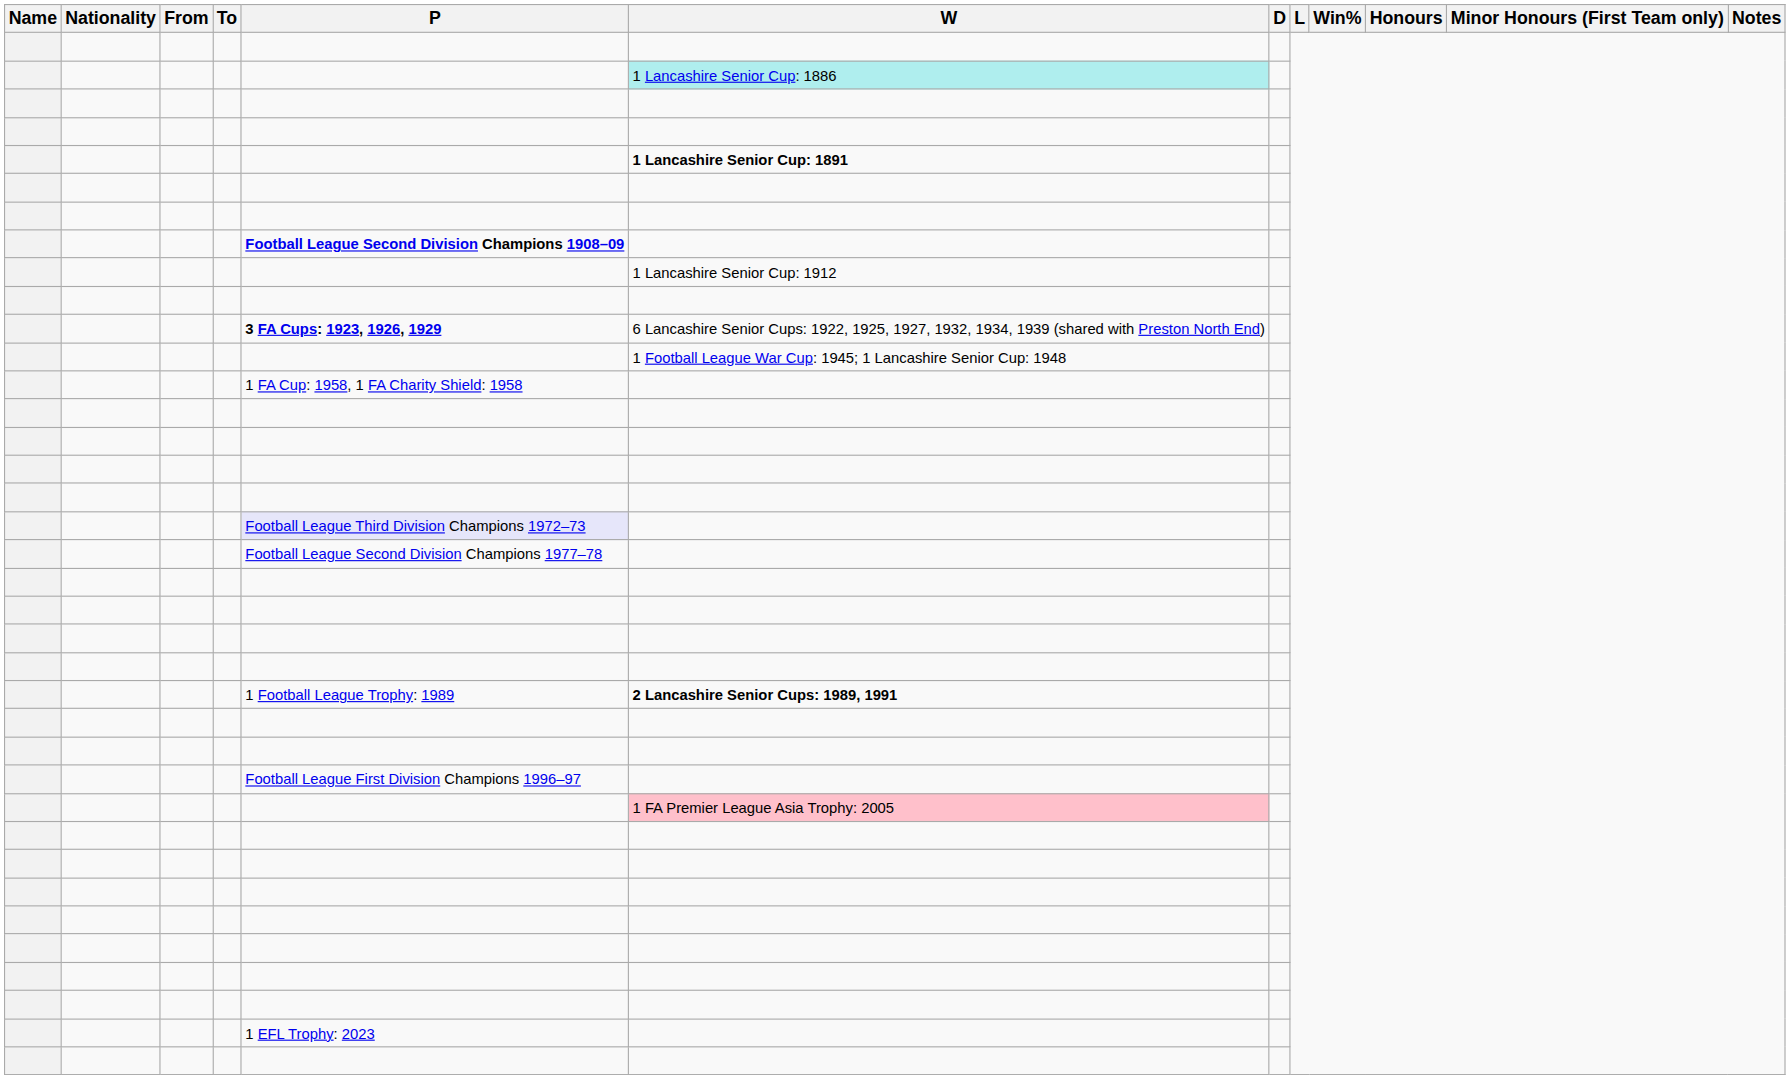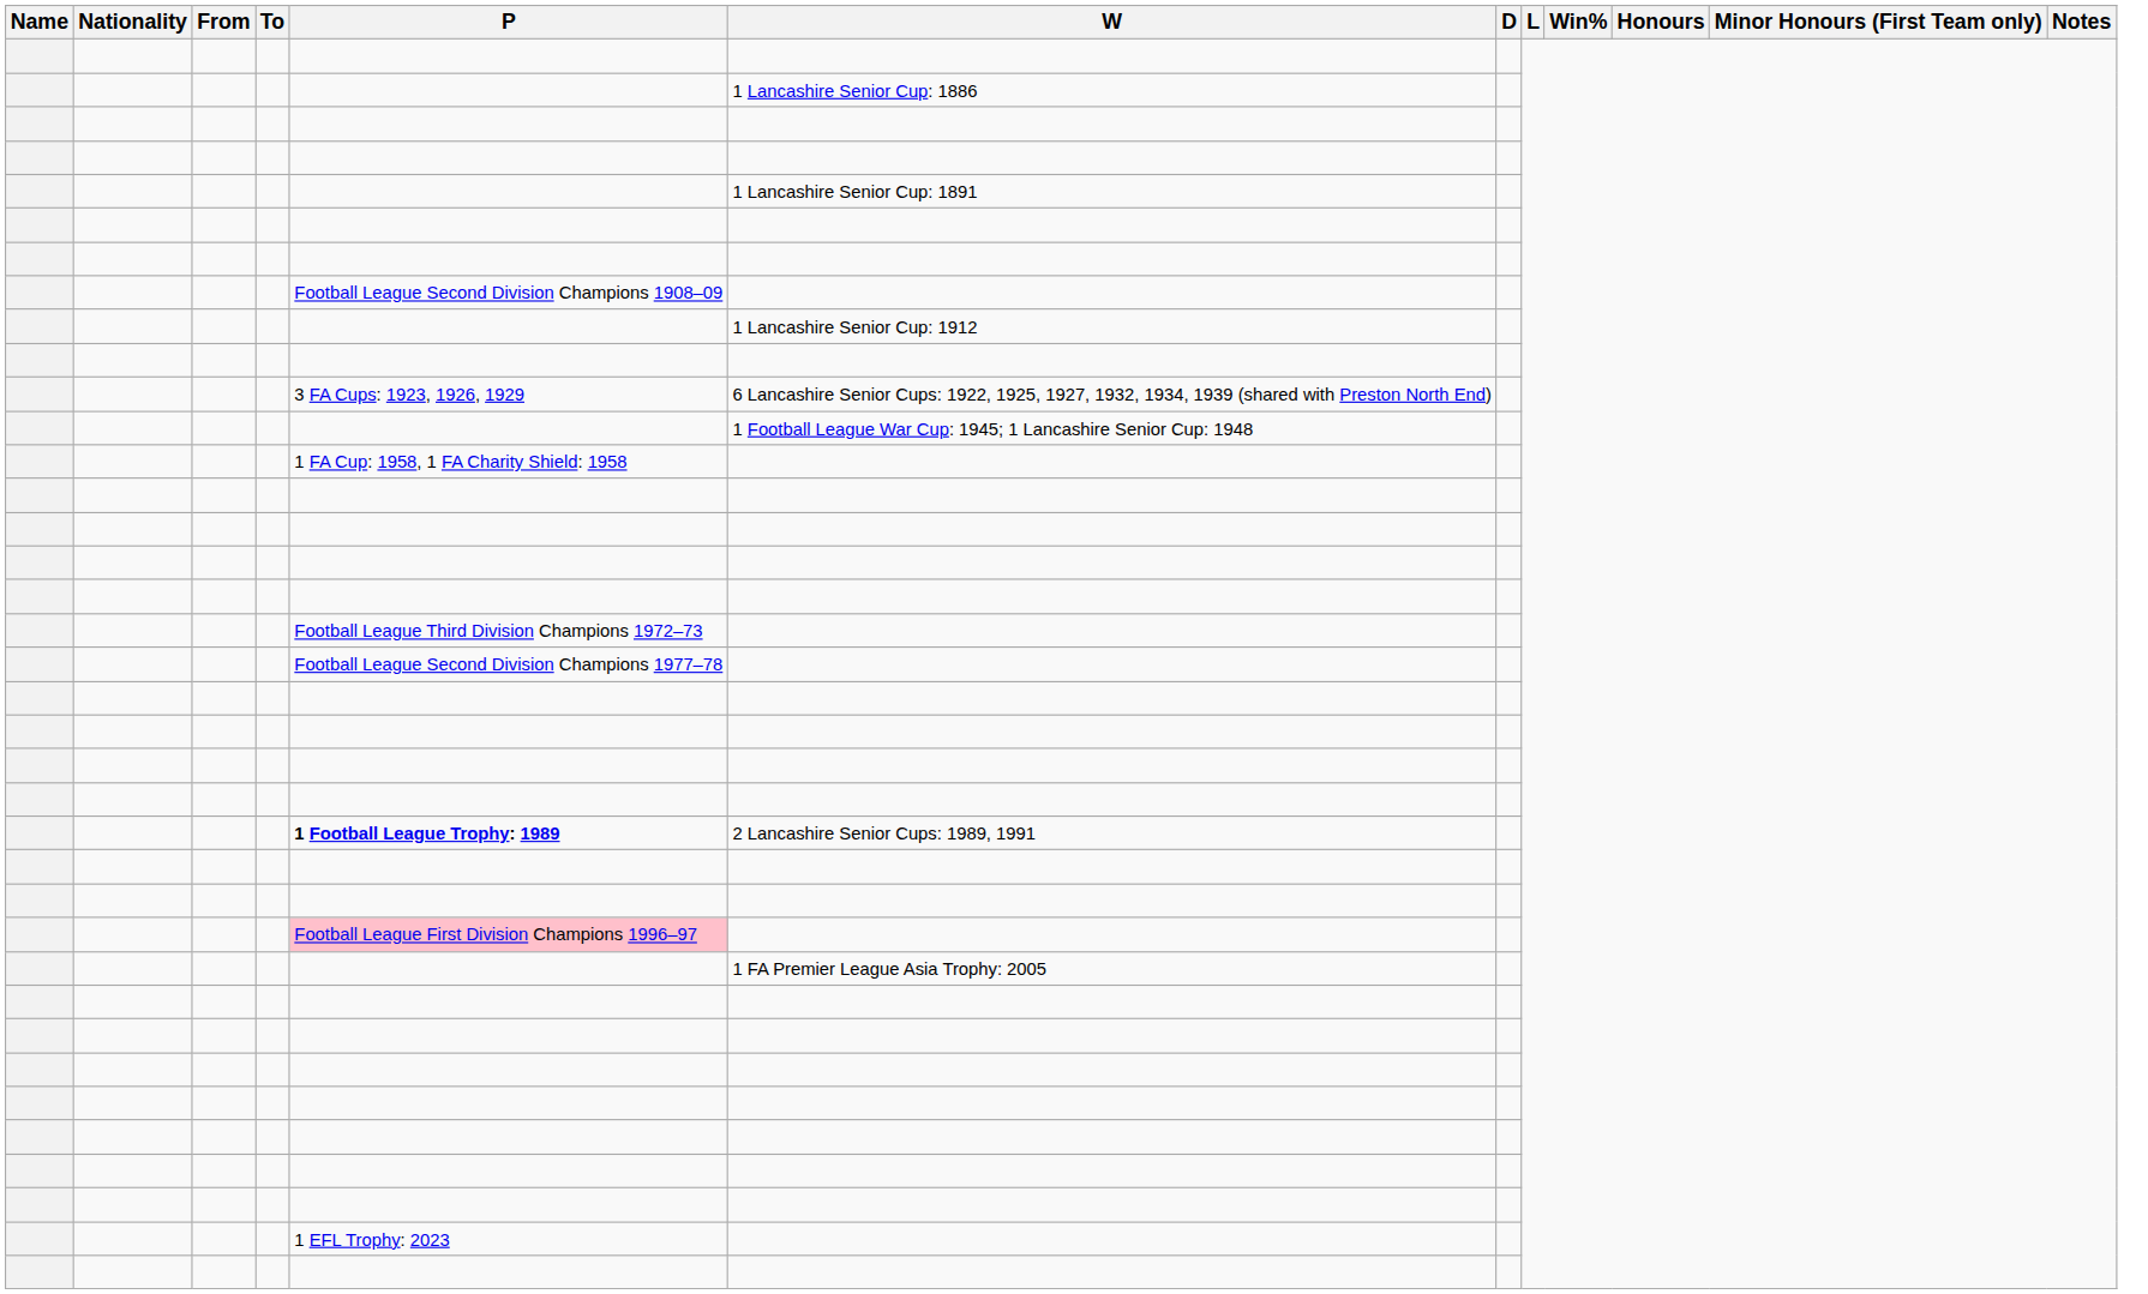 <table class="wikitable sortable plainrowheaders">
 <tr>
 <th>Name</th>
 <th>Nationality</th>
 <th>From</th>
 <th class="unsortable">To</th>
 <th>P</th>
 <th>W</th>
 <th>D</th>
 <th>L</th>
 <th>Win%</th>
 <th class="unsortable">Honours</th>
 <th class="unsortable">Minor Honours (First Team only)</th>
 <th class="unsortable">Notes</th>
 </tr>
 <tr>
 <th scope="row"></th>
 <td></td>
 <td></td>
 <td><br></td>
 <td></td>
 <td></td>
 <td></td>
 </tr>
 <tr>
 <th scope="row"></th>
 <td></td>
 <td></td>
 <td><br></td>
 <td></td>
-<td style="background: paleturquoise;"><small>1 <a href='#'>Lancashire Senior Cup</a>: 1886</small></td>
+<td><small>1 <a href='#'>Lancashire Senior Cup</a>: 1886</small></td>
 <td></td>
 </tr>
 <tr>
 <th scope="row"></th>
 <td></td>
 <td></td>
 <td><br></td>
 <td></td>
 <td></td>
 <td></td>
 </tr>
 <tr>
 <th scope="row"></th>
 <td></td>
 <td></td>
 <td><br></td>
 <td></td>
 <td></td>
 <td></td>
 </tr>
 <tr>
 <th scope="row"></th>
 <td></td>
 <td></td>
 <td><br></td>
 <td></td>
-<td><strong><small>1 Lancashire Senior Cup: 1891</small></strong></td>
+<td><small>1 Lancashire Senior Cup: 1891</small></td>
 <td></td>
 </tr>
 <tr>
 <th scope="row"></th>
 <td></td>
 <td></td>
 <td><br></td>
 <td></td>
 <td></td>
 <td></td>
 </tr>
 <tr>
 <th scope="row"></th>
 <td></td>
 <td></td>
 <td><br></td>
 <td></td>
 <td></td>
 <td></td>
 </tr>
 <tr>
 <th scope="row"></th>
 <td></td>
 <td></td>
 <td><br></td>
-<td><strong><small><a href='#'>Football League Second Division</a> Champions <a href='#'>1908–09</a></small></strong></td>
+<td><small><a href='#'>Football League Second Division</a> Champions <a href='#'>1908–09</a></small></td>
 <td></td>
 <td></td>
 </tr>
 <tr>
 <th scope="row"></th>
 <td></td>
 <td></td>
 <td><br></td>
 <td></td>
 <td><small>1 Lancashire Senior Cup: 1912</small></td>
 <td></td>
 </tr>
 <tr>
 <th scope="row"></th>
 <td></td>
 <td></td>
 <td><br></td>
 <td></td>
 <td></td>
 <td></td>
 </tr>
 <tr>
 <th scope="row"></th>
 <td></td>
 <td></td>
 <td><br></td>
-<td><strong><small> 3 <a href='#'>FA Cups</a>: <a href='#'>1923</a>, <a href='#'>1926</a>, <a href='#'>1929</a> </small></strong></td>
+<td><small> 3 <a href='#'>FA Cups</a>: <a href='#'>1923</a>, <a href='#'>1926</a>, <a href='#'>1929</a> </small></td>
 <td><small>6 Lancashire Senior Cups: 1922, 1925, 1927, 1932, 1934, 1939 (shared with <a href='#'>Preston North End</a>)</small></td>
 <td></td>
 </tr>
 <tr>
 <th scope="row"></th>
 <td></td>
 <td></td>
 <td><br></td>
 <td></td>
 <td><small>1 <a href='#'>Football League War Cup</a>: 1945; 1 Lancashire Senior Cup: 1948</small></td>
 <td></td>
 </tr>
 <tr>
 <th scope="row"></th>
 <td></td>
 <td></td>
 <td><br></td>
 <td><small>1 <a href='#'>FA Cup</a>: <a href='#'>1958</a>, 1 <a href='#'>FA Charity Shield</a>: <a href='#'>1958</a></small></td>
 <td></td>
 <td></td>
 </tr>
 <tr>
 <th scope="row"></th>
 <td></td>
 <td></td>
 <td><br></td>
 <td></td>
 <td></td>
 <td></td>
 </tr>
 <tr>
 <th scope="row"></th>
 <td></td>
 <td></td>
 <td><br></td>
 <td></td>
 <td></td>
 <td></td>
 </tr>
 <tr>
 <th scope="row"></th>
 <td></td>
 <td></td>
 <td><br></td>
 <td></td>
 <td></td>
 <td></td>
 </tr>
 <tr>
 <th scope="row"></th>
 <td></td>
 <td></td>
 <td><br></td>
 <td></td>
 <td></td>
 <td></td>
 </tr>
 <tr>
 <th scope="row"></th>
 <td></td>
 <td></td>
 <td><br></td>
-<td style="background: lavender;"><small><a href='#'>Football League Third Division</a> Champions <a href='#'>1972–73</a></small></td>
+<td><small><a href='#'>Football League Third Division</a> Champions <a href='#'>1972–73</a></small></td>
 <td></td>
 <td></td>
 </tr>
 <tr>
 <th scope="row"></th>
 <td></td>
 <td></td>
 <td><br></td>
 <td><small><a href='#'>Football League Second Division</a> Champions <a href='#'>1977–78</a></small></td>
 <td></td>
 <td></td>
 </tr>
 <tr>
 <th scope="row"></th>
 <td></td>
 <td></td>
 <td><br></td>
 <td></td>
 <td></td>
 <td></td>
 </tr>
 <tr>
 <th scope="row"></th>
 <td></td>
 <td></td>
 <td><br></td>
 <td></td>
 <td></td>
 <td></td>
 </tr>
 <tr>
 <th scope="row"></th>
 <td></td>
 <td></td>
 <td><br></td>
 <td></td>
 <td></td>
 <td></td>
 </tr>
 <tr>
 <th scope="row"></th>
 <td></td>
 <td></td>
 <td><br></td>
 <td></td>
 <td></td>
 <td></td>
 </tr>
 <tr>
 <th scope="row"></th>
 <td></td>
 <td></td>
 <td><br></td>
-<td><small>1 <a href='#'>Football League Trophy</a>: <a href='#'>1989</a></small></td>
-<td><strong><small>2 Lancashire Senior Cups: 1989, 1991</small></strong></td>
+<td><strong><small>1 <a href='#'>Football League Trophy</a>: <a href='#'>1989</a></small></strong></td>
+<td><small>2 Lancashire Senior Cups: 1989, 1991</small></td>
 <td></td>
 </tr>
 <tr>
 <th scope="row"></th>
 <td></td>
 <td></td>
 <td><br></td>
 <td></td>
 <td></td>
 <td></td>
 </tr>
 <tr>
 <th scope="row"></th>
 <td></td>
 <td></td>
 <td><br></td>
 <td></td>
 <td></td>
 <td></td>
 </tr>
 <tr>
 <th scope="row"></th>
 <td></td>
 <td></td>
 <td><br></td>
-<td><small><a href='#'>Football League First Division</a> Champions <a href='#'>1996–97</a></small></td>
+<td style="background: pink;"><small><a href='#'>Football League First Division</a> Champions <a href='#'>1996–97</a></small></td>
 <td></td>
 <td></td>
 </tr>
 <tr>
 <th scope="row"></th>
 <td></td>
 <td></td>
 <td><br></td>
 <td></td>
-<td style="background: pink;"><small>1 FA Premier League Asia Trophy: 2005</small></td>
+<td><small>1 FA Premier League Asia Trophy: 2005</small></td>
 <td></td>
 </tr>
 <tr>
 <th scope="row"></th>
 <td></td>
 <td></td>
 <td><br></td>
 <td></td>
 <td></td>
 <td></td>
 </tr>
 <tr>
 <th scope="row"></th>
 <td></td>
 <td></td>
 <td><br></td>
 <td></td>
 <td></td>
 <td></td>
 </tr>
 <tr>
 <th scope="row"></th>
 <td></td>
 <td></td>
 <td><br></td>
 <td></td>
 <td></td>
 <td></td>
 </tr>
 <tr>
 <th scope="row"></th>
 <td></td>
 <td></td>
 <td><br></td>
 <td></td>
 <td></td>
 <td></td>
 </tr>
 <tr>
 <th scope="row"></th>
 <td></td>
 <td></td>
 <td><br></td>
 <td></td>
 <td></td>
 <td></td>
 </tr>
 <tr>
 <th scope="row"></th>
 <td></td>
 <td></td>
 <td><br></td>
 <td></td>
 <td></td>
 <td></td>
 </tr>
 <tr>
 <th scope="row"></th>
 <td></td>
 <td></td>
 <td><br></td>
 <td></td>
 <td></td>
 <td></td>
 </tr>
 <tr>
 <th scope="row"></th>
 <td></td>
 <td></td>
 <td><br></td>
 <td><small>1 <a href='#'>EFL Trophy</a>: <a href='#'>2023</a></small></td>
 <td></td>
 <td></td>
 </tr>
 <tr>
 <th scope="row"></th>
 <td></td>
 <td></td>
 <td><br></td>
 <td></td>
 <td></td>
 <td></td>
 </tr>
 </table>
